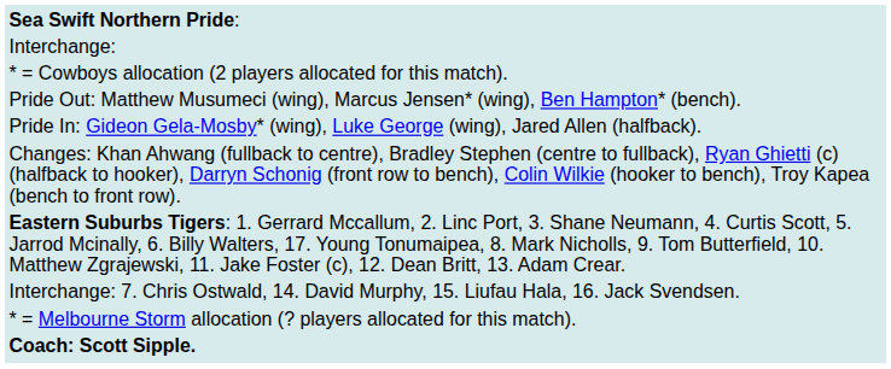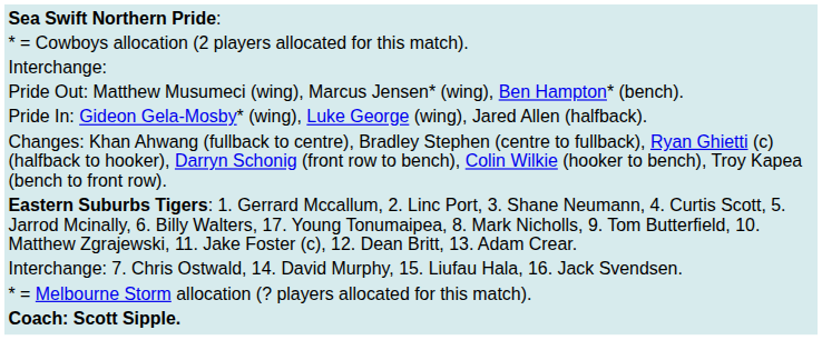 <table style="background:#d7ebed; font-size:85%; width:100%;">
 <tr>
 <td><strong>Sea Swift Northern Pride</strong>:             </td>
 </tr>
 <tr>
-<td>Interchange:    </td>
+<td>* = Cowboys allocation (2 players allocated for this match).</td>
 </tr>
 <tr>
-<td>* = Cowboys allocation (2 players allocated for this match).</td>
+<td>Interchange:    </td>
 </tr>
 <tr>
 <td>Pride Out: Matthew Musumeci (wing), Marcus Jensen* (wing), <a href='#'>Ben Hampton</a>* (bench).</td>
 </tr>
 <tr>
 <td>Pride In: <a href='#'>Gideon Gela-Mosby</a>* (wing), <a href='#'>Luke George</a> (wing), Jared Allen (halfback).</td>
 </tr>
 <tr>
 <td>Changes: Khan Ahwang (fullback to centre), Bradley Stephen (centre to fullback), <a href='#'>Ryan Ghietti</a> (c) (halfback to hooker), <a href='#'>Darryn Schonig</a> (front row to bench), <a href='#'>Colin Wilkie</a> (hooker to bench), Troy Kapea (bench to front row).</td>
 </tr>
 <tr>
 <td><strong>Eastern Suburbs Tigers</strong>: 1. Gerrard Mccallum, 2. Linc Port, 3. Shane Neumann, 4. Curtis Scott, 5. Jarrod Mcinally, 6. Billy Walters, 17. Young Tonumaipea, 8. Mark Nicholls, 9. Tom Butterfield, 10. Matthew Zgrajewski, 11. Jake Foster (c), 12. Dean Britt, 13. Adam Crear.</td>
 </tr>
 <tr>
 <td>Interchange: 7. Chris Ostwald, 14. David Murphy, 15. Liufau Hala, 16. Jack Svendsen.</td>
 </tr>
 <tr>
 <td>* = <a href='#'>Melbourne Storm</a> allocation (? players allocated for this match).</td>
 </tr>
 <tr>
 <td><strong>Coach: Scott Sipple.</strong></td>
 </tr>
 <tr>
 </tr>
 </table>
